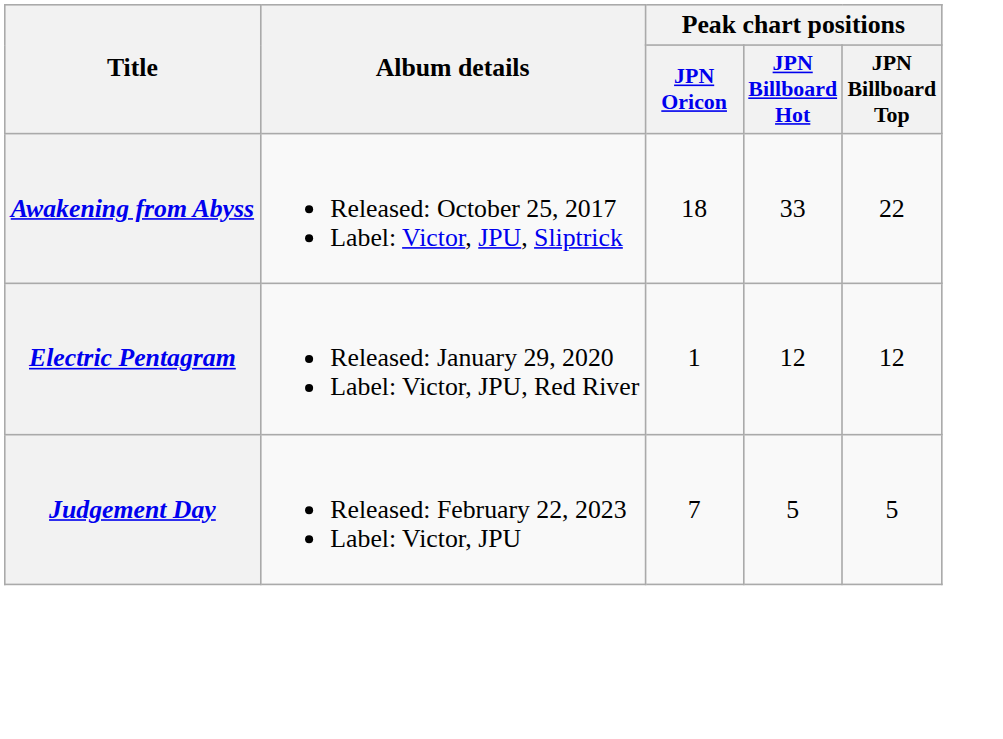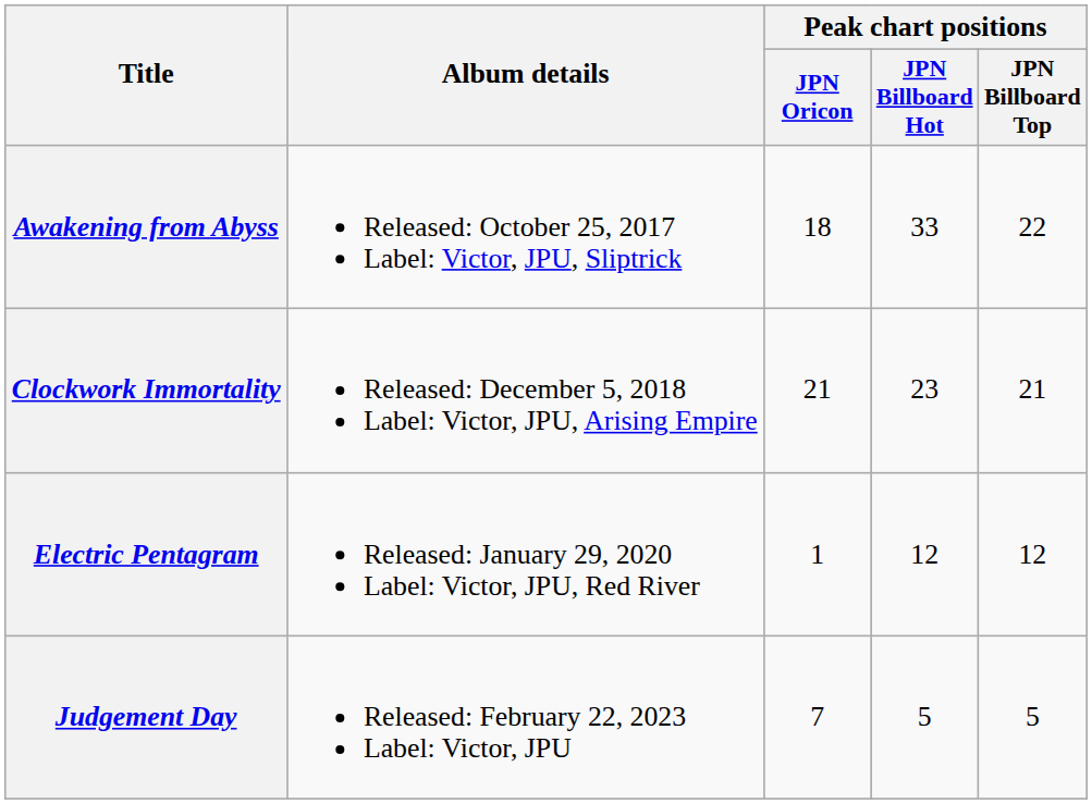 <table class="wikitable plainrowheaders">
 <tr>
 <th scope="col" rowspan="2">Title</th>
 <th scope="col" rowspan="2">Album details</th>
 <th scope="col" colspan="3">Peak chart positions</th>
 </tr>
 <tr>
 <th scope="col" style="width:4em;font-size:85%"><a href='#'>JPN<br>Oricon</a><br></th>
 <th scope="col" style="width:4em;font-size:85%"><a href='#'>JPN<br>Billboard<br>Hot</a><br></th>
 <th scope="col" style="width:4em;font-size:85%">JPN<br>Billboard<br>Top<br></th>
 </tr>
 <tr>
 <th scope="row"><em><a href='#'>Awakening from Abyss</a></em></th>
 <td><br><ul><li>Released: October 25, 2017</li><li>Label: <a href='#'>Victor</a>, <a href='#'>JPU</a>, <a href='#'>Sliptrick</a></li></ul></td>
 <td align="center">18</td>
 <td align="center">33</td>
 <td align="center">22</td>
 </tr>
 <tr>
+<th scope="row"><em><a href='#'>Clockwork Immortality</a></em></th>
+<td><br><ul><li>Released: December 5, 2018</li><li>Label: Victor, JPU, <a href='#'>Arising Empire</a></li></ul></td>
+<td align="center">21</td>
+<td align="center">23</td>
+<td align="center">21</td>
+</tr>
+<tr>
 <th scope="row"><em><a href='#'>Electric Pentagram</a></em></th>
 <td><br><ul><li>Released: January 29, 2020</li><li>Label: Victor, JPU, Red River</li></ul></td>
 <td align="center">1</td>
 <td align="center">12</td>
 <td align="center">12</td>
 </tr>
 <tr>
 <th scope="row"><em><a href='#'>Judgement Day</a></em></th>
 <td><br><ul><li>Released: February 22, 2023</li><li>Label: Victor, JPU</li></ul></td>
 <td align="center">7</td>
 <td align="center">5</td>
 <td align="center">5</td>
 </tr>
 </table>
